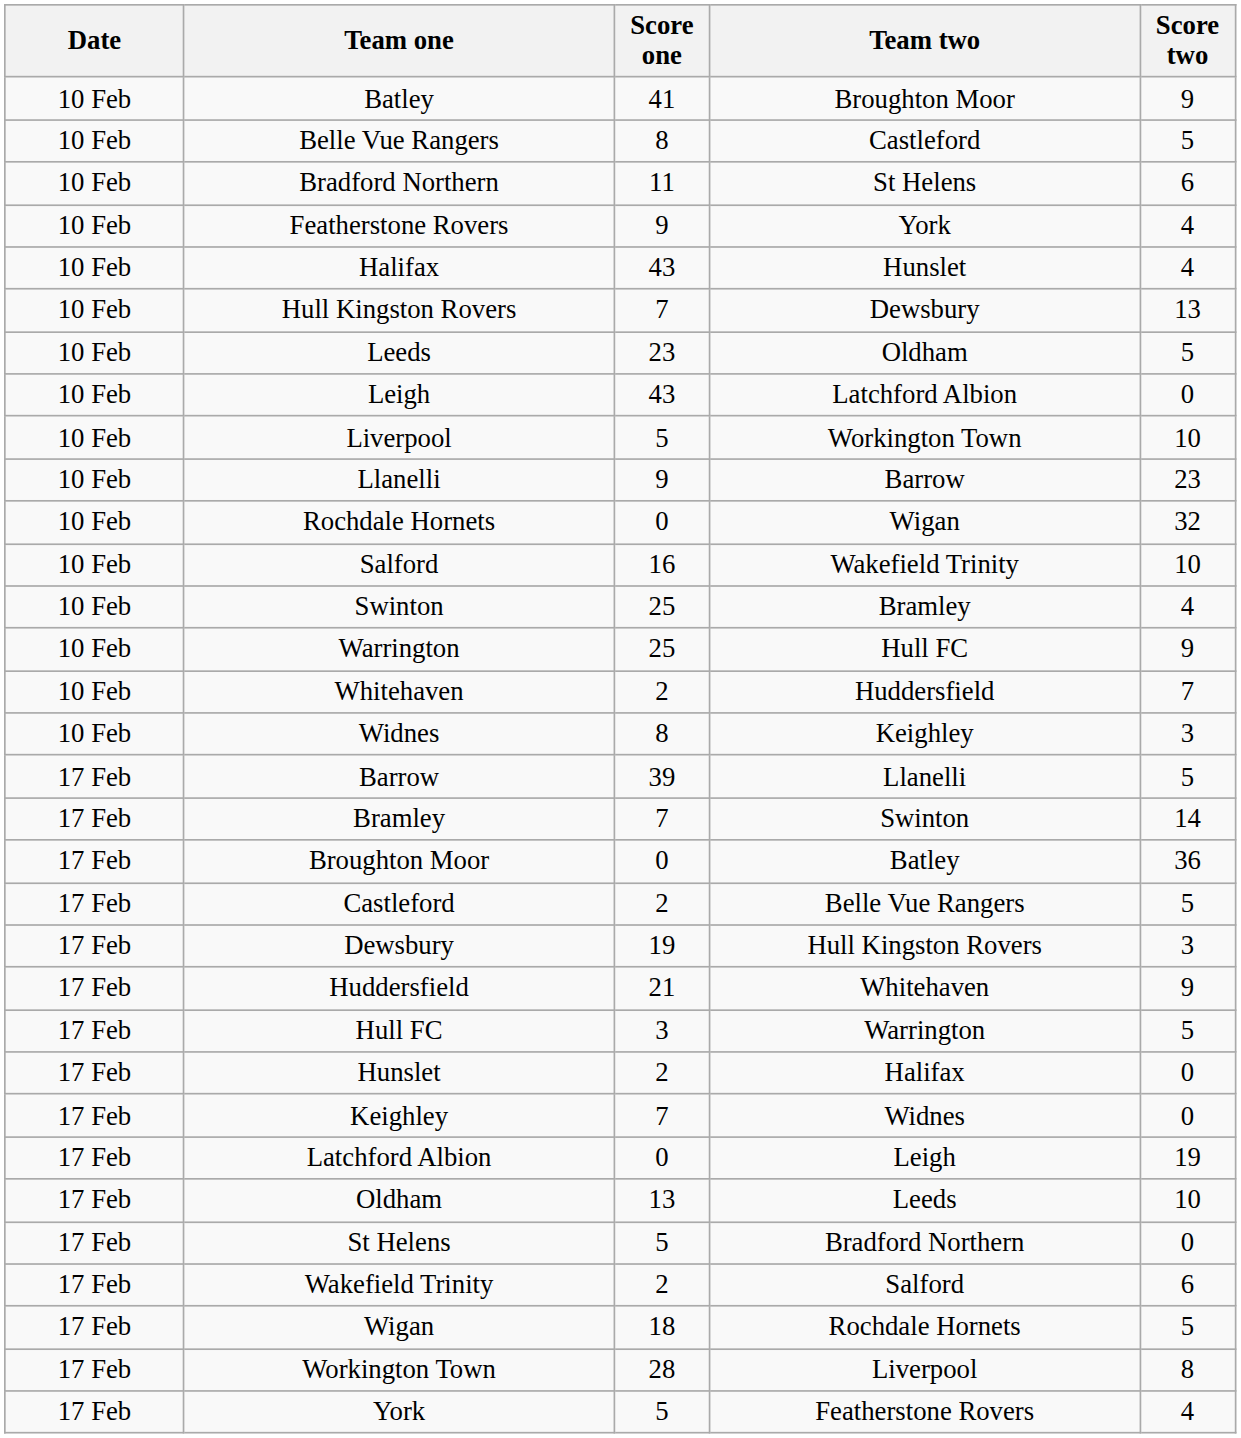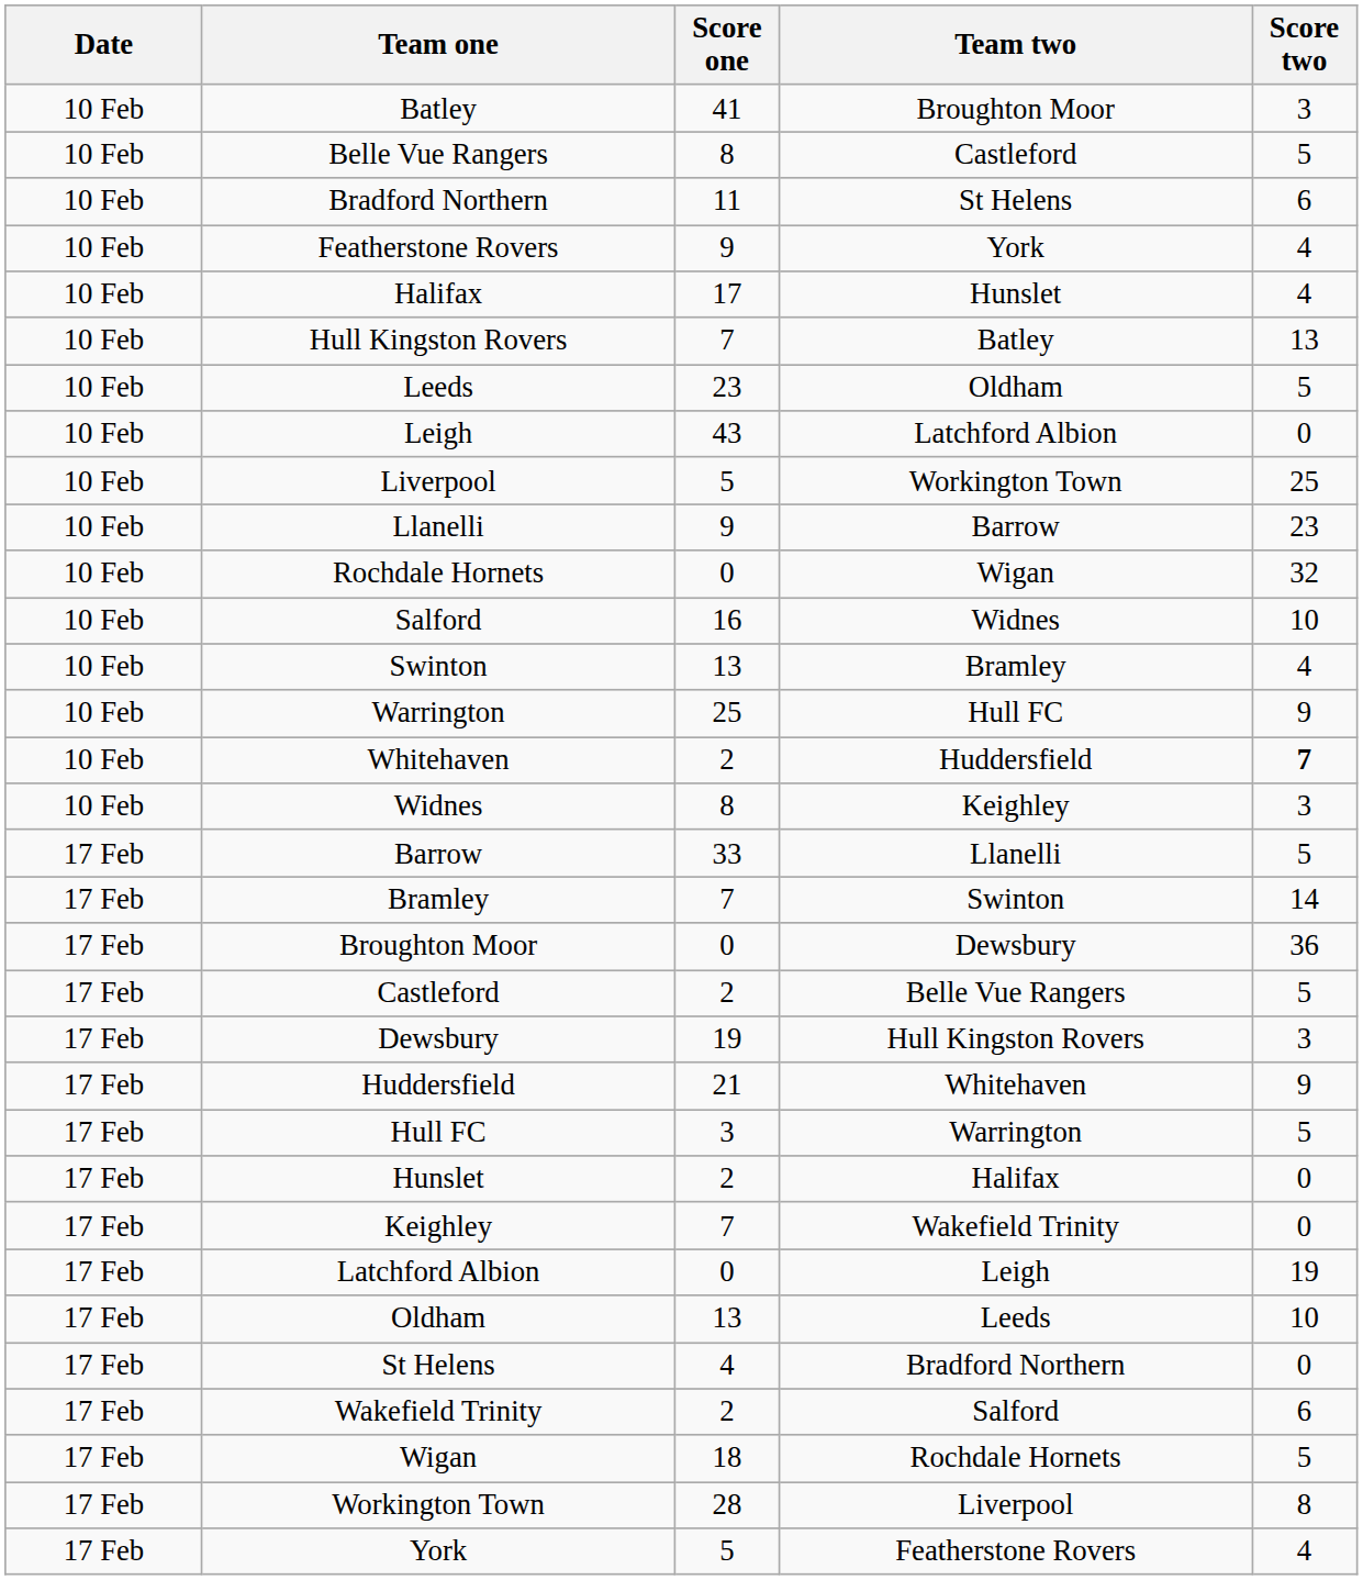 <table class="wikitable" style="text-align: center">
 <tr>
 <th width=100>Date</th>
 <th width=250>Team one</th>
 <th width=50>Score one</th>
 <th width=250>Team two</th>
 <th width=50>Score two</th>
 </tr>
 <tr>
 <td>10 Feb</td>
 <td>Batley</td>
 <td>41</td>
 <td>Broughton Moor</td>
-<td>9</td>
+<td>3</td>
 </tr>
 <tr>
 <td>10 Feb</td>
 <td>Belle Vue Rangers</td>
 <td>8</td>
 <td>Castleford</td>
 <td>5</td>
 </tr>
 <tr>
 <td>10 Feb</td>
 <td>Bradford Northern</td>
 <td>11</td>
 <td>St Helens</td>
 <td>6</td>
 </tr>
 <tr>
 <td>10 Feb</td>
 <td>Featherstone Rovers</td>
 <td>9</td>
 <td>York</td>
 <td>4</td>
 </tr>
 <tr>
 <td>10 Feb</td>
 <td>Halifax</td>
-<td>43</td>
+<td>17</td>
 <td>Hunslet</td>
 <td>4</td>
 </tr>
 <tr>
 <td>10 Feb</td>
 <td>Hull Kingston Rovers</td>
 <td>7</td>
-<td>Dewsbury</td>
+<td>Batley</td>
 <td>13</td>
 </tr>
 <tr>
 <td>10 Feb</td>
 <td>Leeds</td>
 <td>23</td>
 <td>Oldham</td>
 <td>5</td>
 </tr>
 <tr>
 <td>10 Feb</td>
 <td>Leigh</td>
 <td>43</td>
 <td>Latchford Albion</td>
 <td>0</td>
 </tr>
 <tr>
 <td>10 Feb</td>
 <td>Liverpool</td>
 <td>5</td>
 <td>Workington Town</td>
-<td>10</td>
+<td>25</td>
 </tr>
 <tr>
 <td>10 Feb</td>
 <td>Llanelli</td>
 <td>9</td>
 <td>Barrow</td>
 <td>23</td>
 </tr>
 <tr>
 <td>10 Feb</td>
 <td>Rochdale Hornets</td>
 <td>0</td>
 <td>Wigan</td>
 <td>32</td>
 </tr>
 <tr>
 <td>10 Feb</td>
 <td>Salford</td>
 <td>16</td>
-<td>Wakefield Trinity</td>
+<td>Widnes</td>
 <td>10</td>
 </tr>
 <tr>
 <td>10 Feb</td>
 <td>Swinton</td>
-<td>25</td>
+<td>13</td>
 <td>Bramley</td>
 <td>4</td>
 </tr>
 <tr>
 <td>10 Feb</td>
 <td>Warrington</td>
 <td>25</td>
 <td>Hull FC</td>
 <td>9</td>
 </tr>
 <tr>
 <td>10 Feb</td>
 <td>Whitehaven</td>
 <td>2</td>
 <td>Huddersfield</td>
-<td>7</td>
+<td><strong>7</strong></td>
 </tr>
 <tr>
 <td>10 Feb</td>
 <td>Widnes</td>
 <td>8</td>
 <td>Keighley</td>
 <td>3</td>
 </tr>
 <tr>
 <td>17 Feb</td>
 <td>Barrow</td>
-<td>39</td>
+<td>33</td>
 <td>Llanelli</td>
 <td>5</td>
 </tr>
 <tr>
 <td>17 Feb</td>
 <td>Bramley</td>
 <td>7</td>
 <td>Swinton</td>
 <td>14</td>
 </tr>
 <tr>
 <td>17 Feb</td>
 <td>Broughton Moor</td>
 <td>0</td>
-<td>Batley</td>
+<td>Dewsbury</td>
 <td>36</td>
 </tr>
 <tr>
 <td>17 Feb</td>
 <td>Castleford</td>
 <td>2</td>
 <td>Belle Vue Rangers</td>
 <td>5</td>
 </tr>
 <tr>
 <td>17 Feb</td>
 <td>Dewsbury</td>
 <td>19</td>
 <td>Hull Kingston Rovers</td>
 <td>3</td>
 </tr>
 <tr>
 <td>17 Feb</td>
 <td>Huddersfield</td>
 <td>21</td>
 <td>Whitehaven</td>
 <td>9</td>
 </tr>
 <tr>
 <td>17 Feb</td>
 <td>Hull FC</td>
 <td>3</td>
 <td>Warrington</td>
 <td>5</td>
 </tr>
 <tr>
 <td>17 Feb</td>
 <td>Hunslet</td>
 <td>2</td>
 <td>Halifax</td>
 <td>0</td>
 </tr>
 <tr>
 <td>17 Feb</td>
 <td>Keighley</td>
 <td>7</td>
-<td>Widnes</td>
+<td>Wakefield Trinity</td>
 <td>0</td>
 </tr>
 <tr>
 <td>17 Feb</td>
 <td>Latchford Albion</td>
 <td>0</td>
 <td>Leigh</td>
 <td>19</td>
 </tr>
 <tr>
 <td>17 Feb</td>
 <td>Oldham</td>
 <td>13</td>
 <td>Leeds</td>
 <td>10</td>
 </tr>
 <tr>
 <td>17 Feb</td>
 <td>St Helens</td>
-<td>5</td>
+<td>4</td>
 <td>Bradford Northern</td>
 <td>0</td>
 </tr>
 <tr>
 <td>17 Feb</td>
 <td>Wakefield Trinity</td>
 <td>2</td>
 <td>Salford</td>
 <td>6</td>
 </tr>
 <tr>
 <td>17 Feb</td>
 <td>Wigan</td>
 <td>18</td>
 <td>Rochdale Hornets</td>
 <td>5</td>
 </tr>
 <tr>
 <td>17 Feb</td>
 <td>Workington Town</td>
 <td>28</td>
 <td>Liverpool</td>
 <td>8</td>
 </tr>
 <tr>
 <td>17 Feb</td>
 <td>York</td>
 <td>5</td>
 <td>Featherstone Rovers</td>
 <td>4</td>
 </tr>
 </table>
